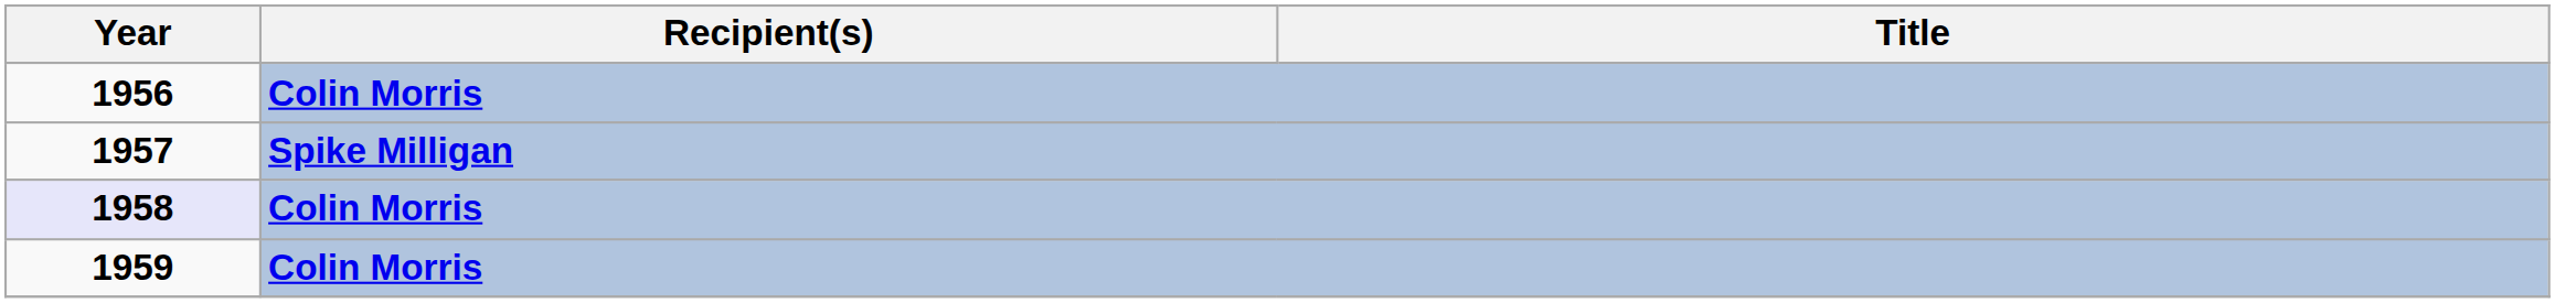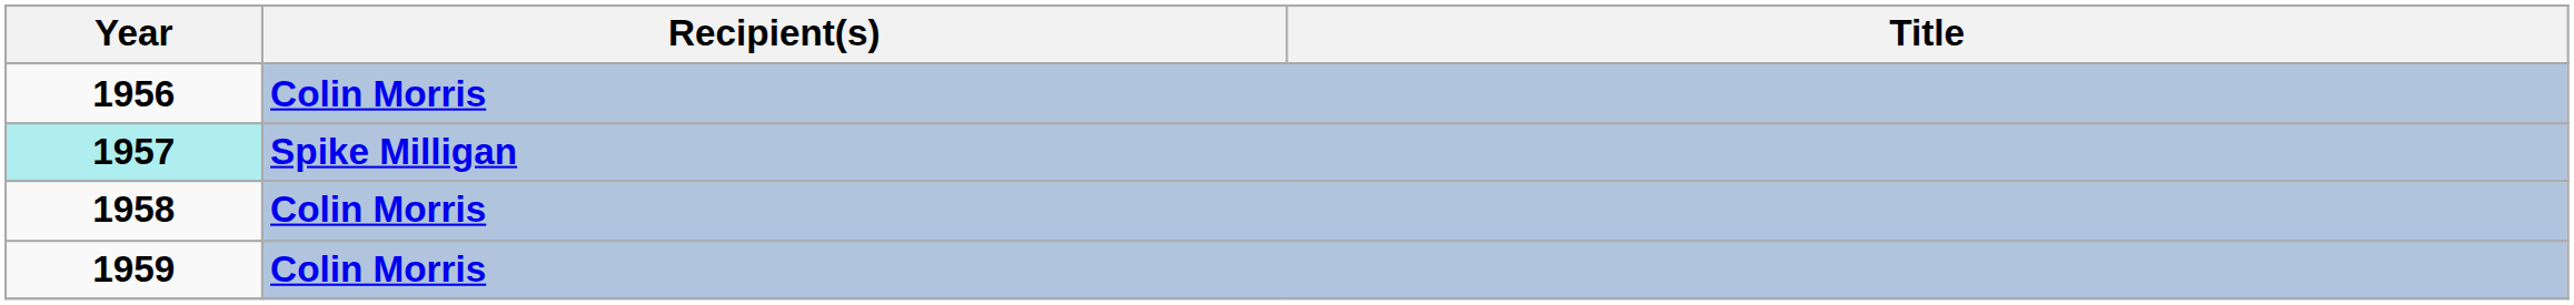 <table class="wikitable" width="70%">
 <tr>
 <th width=5%>Year</th>
 <th width=20%><strong>Recipient(s)</strong></th>
 <th width=25%><strong>Title</strong></th>
 </tr>
 <tr>
 <td style="text-align:center;"><strong>1956</strong></td>
 <td colspan="2" style="background:#B0C4DE;"><strong><a href='#'>Colin Morris</a></strong></td>
 </tr>
 <tr>
-<td style="text-align:center;"><strong>1957</strong></td>
+<td style="background: paleturquoise; text-align:center;"><strong>1957</strong></td>
 <td colspan="2" style="background:#B0C4DE;"><strong><a href='#'>Spike Milligan</a></strong></td>
 </tr>
 <tr>
-<td style="background: lavender; text-align:center;"><strong>1958</strong></td>
+<td style="text-align:center;"><strong>1958</strong></td>
 <td colspan="2" style="background:#B0C4DE;"><strong><a href='#'>Colin Morris</a></strong></td>
 </tr>
 <tr>
 <td style="text-align:center;"><strong>1959</strong></td>
 <td colspan="2" style="background:#B0C4DE;"><strong><a href='#'>Colin Morris</a></strong></td>
 </tr>
 <tr>
 </tr>
 </table>
